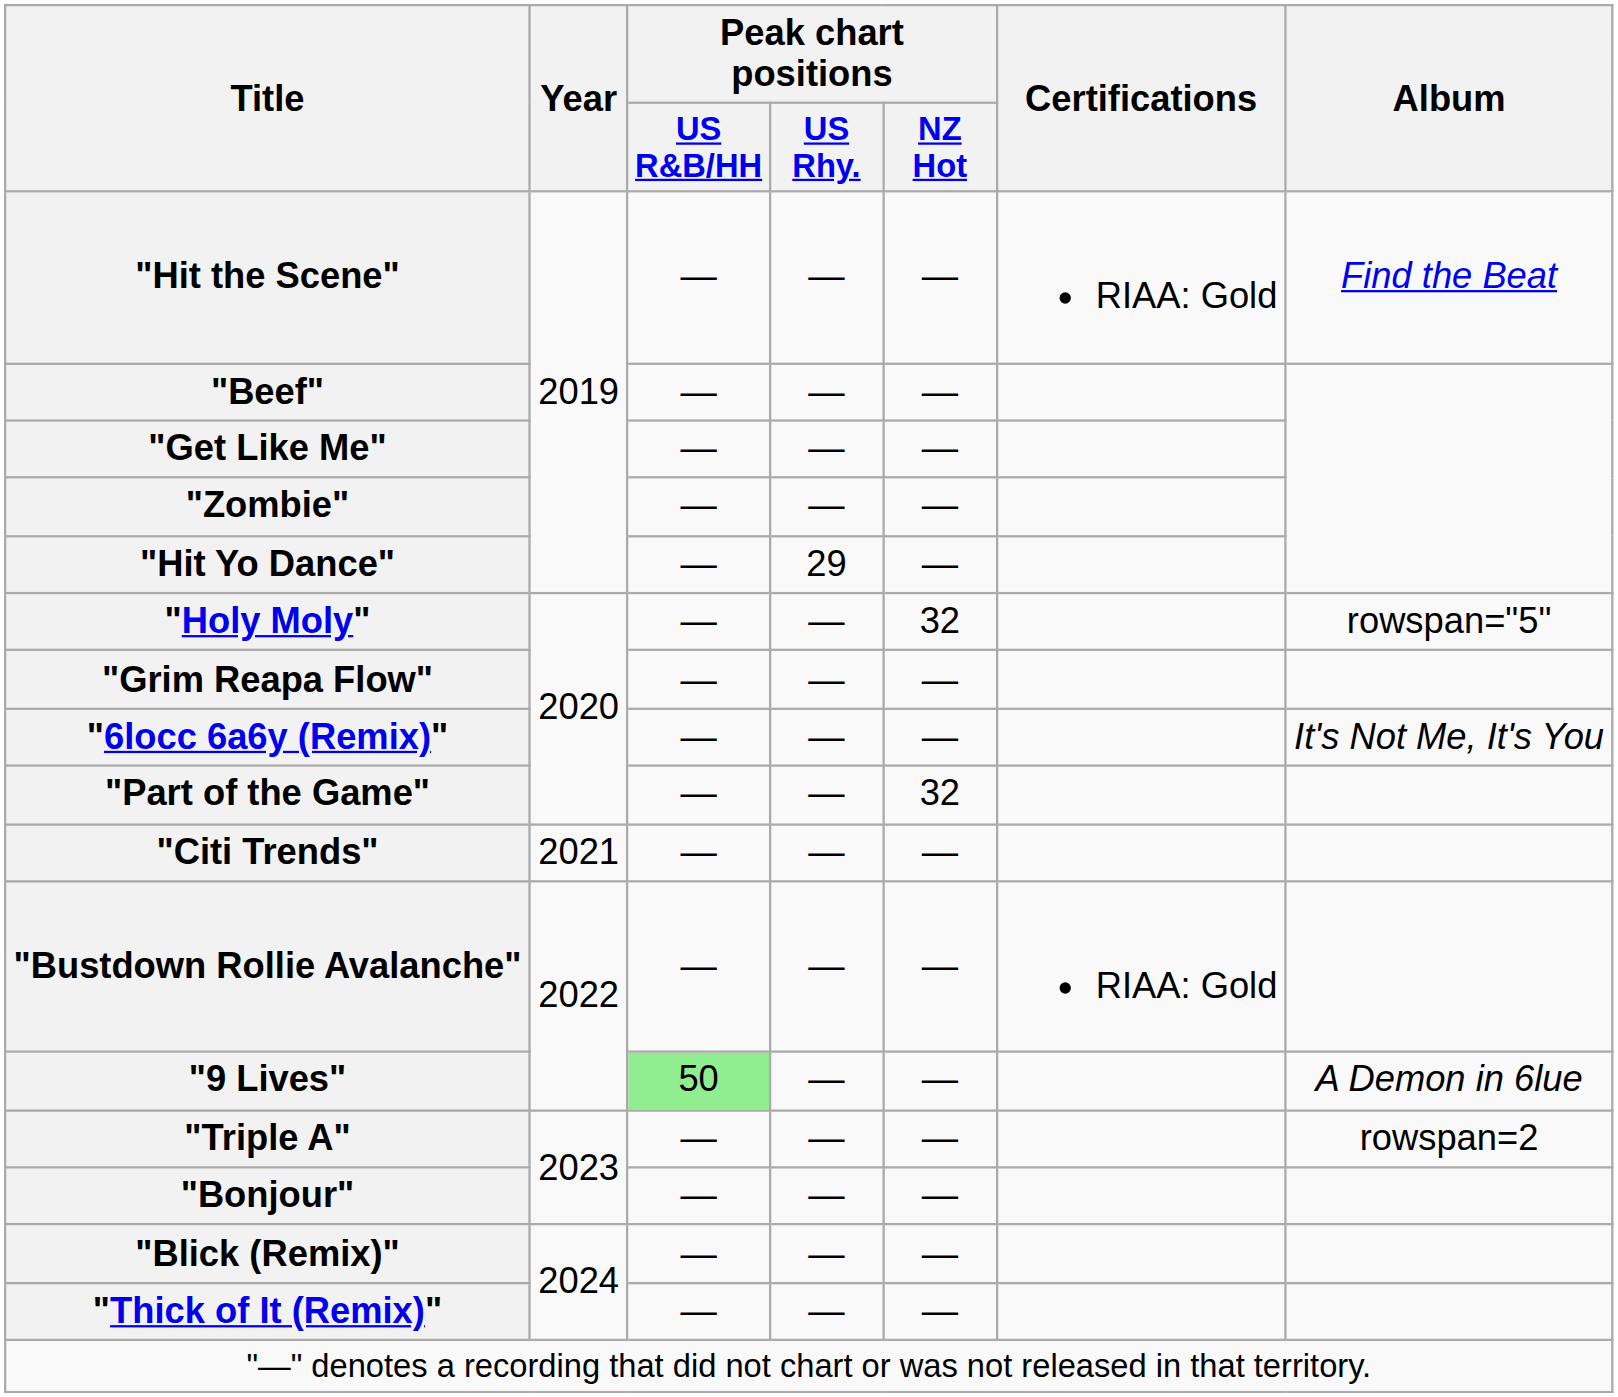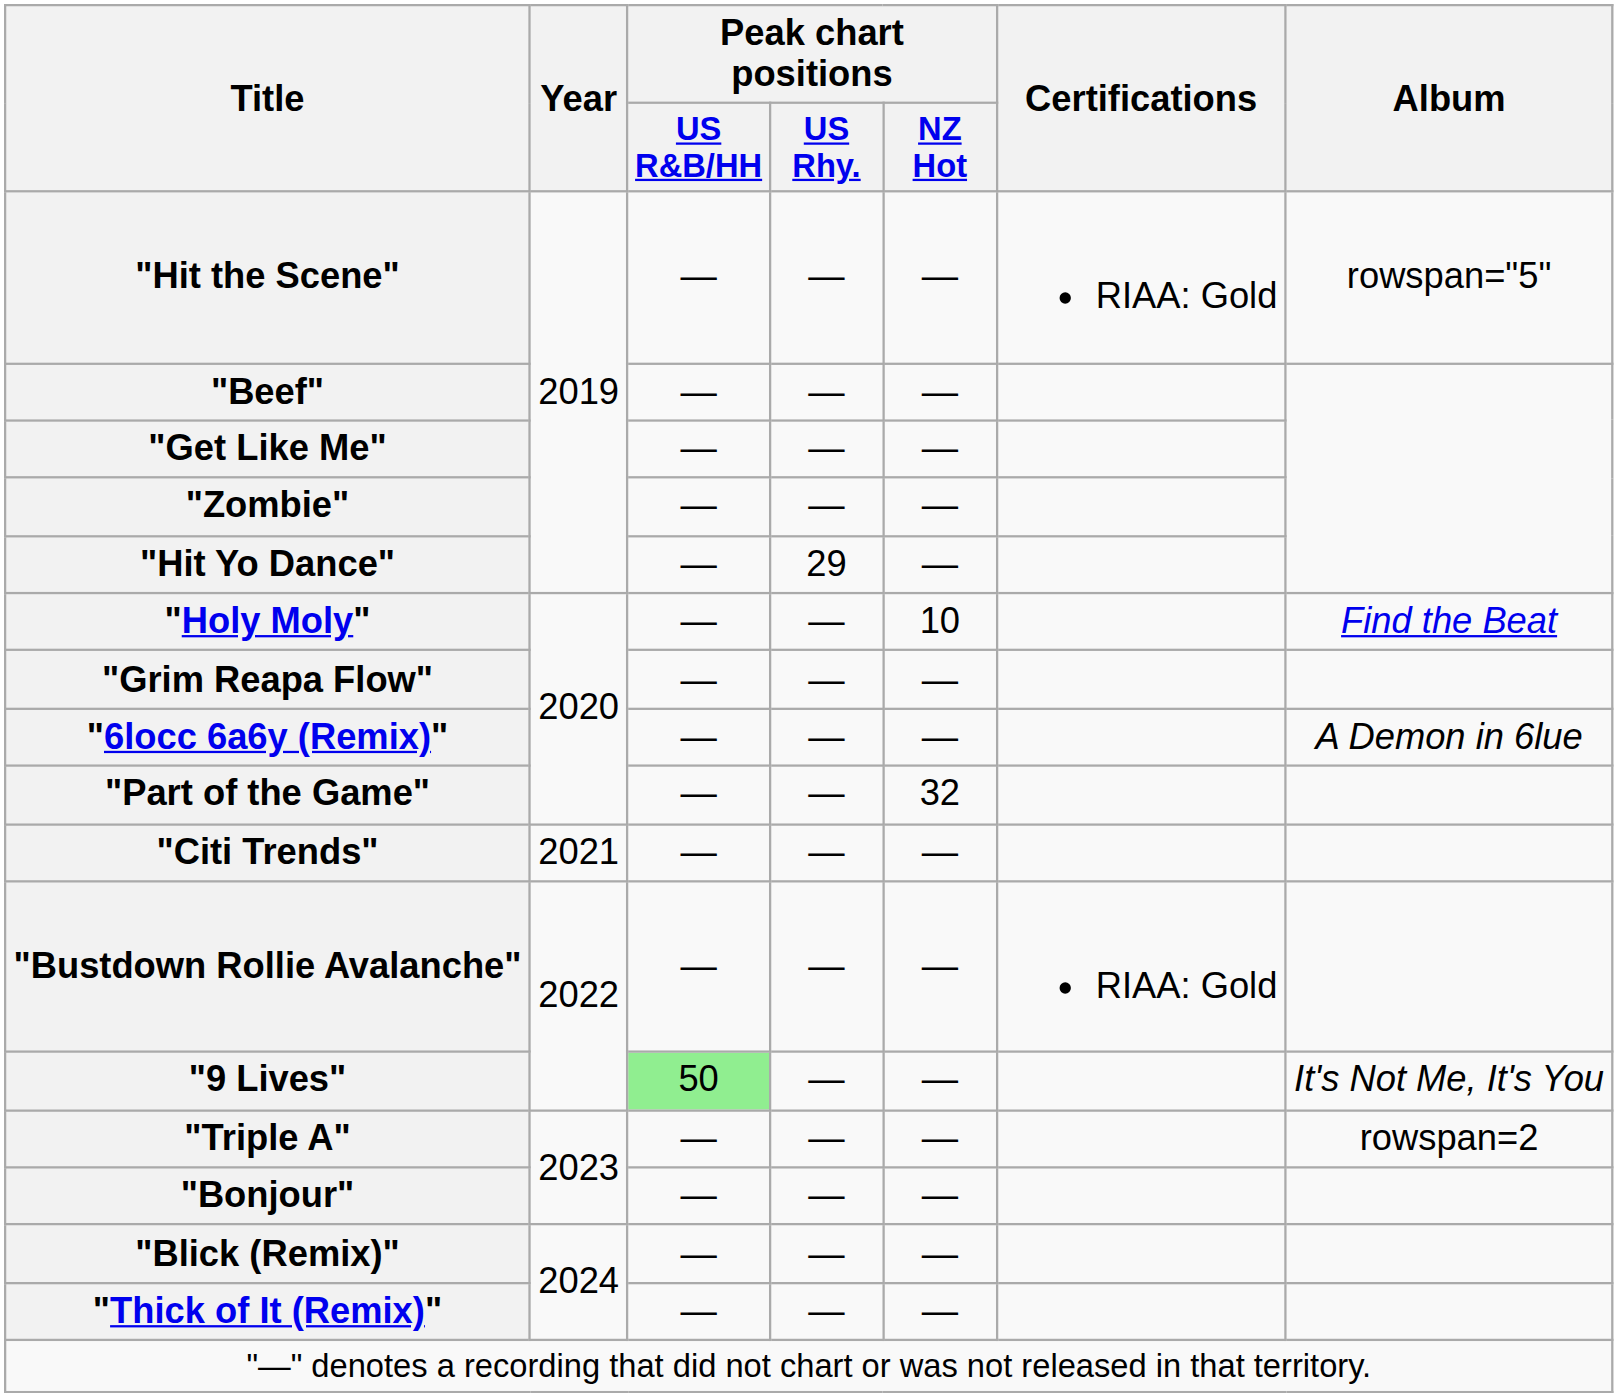 <table class="wikitable plainrowheaders" style="text-align:center">
 <tr>
 <th rowspan="2">Title</th>
 <th rowspan="2">Year</th>
 <th colspan="3">Peak chart positions</th>
 <th rowspan="2">Certifications</th>
 <th rowspan="2">Album</th>
 </tr>
 <tr>
 <th scope="col" style="width:3em;font-size:90%;"><a href='#'>US<br>R&B/HH</a><br></th>
 <th scope="col" style="width:3em;font-size:90%;"><a href='#'>US<br>Rhy.</a><br></th>
 <th scope="col" style="width:3em;font-size:90%;"><a href='#'>NZ<br>Hot</a><br></th>
 </tr>
 <tr>
 <th scope="row">"Hit the Scene"<br></th>
 <td rowspan="5">2019</td>
 <td>—</td>
 <td>—</td>
 <td>—</td>
 <td><br><ul><li>RIAA: Gold</li></ul></td>
-<td><em><a href='#'>Find the Beat</a></em></td>
+<td>rowspan="5" </td>
 </tr>
 <tr>
 <th scope="row">"Beef"<br></th>
 <td>—</td>
 <td>—</td>
 <td>—</td>
 <td></td>
 </tr>
 <tr>
 <th scope="row">"Get Like Me"<br></th>
 <td>—</td>
 <td>—</td>
 <td>—</td>
 <td></td>
 </tr>
 <tr>
 <th scope="row">"Zombie"<br></th>
 <td>—</td>
 <td>—</td>
 <td>—</td>
 <td></td>
 </tr>
 <tr>
 <th scope="row">"Hit Yo Dance"<br></th>
 <td>—</td>
 <td>29</td>
 <td>—</td>
 <td></td>
 </tr>
 <tr>
 <th scope="row">"<a href='#'>Holy Moly</a>"<br></th>
 <td rowspan="4">2020</td>
 <td>—</td>
 <td>—</td>
-<td>32</td>
+<td>10</td>
 <td></td>
-<td>rowspan="5" </td>
+<td><em><a href='#'>Find the Beat</a></em></td>
 </tr>
 <tr>
 <th scope="row">"Grim Reapa Flow"<br></th>
 <td>—</td>
 <td>—</td>
 <td>—</td>
 <td></td>
 <td></td>
 </tr>
 <tr>
 <th scope="row">"<a href='#'>6locc 6a6y (Remix)</a>"<br></th>
 <td>—</td>
 <td>—</td>
 <td>—</td>
 <td></td>
-<td><em>It's Not Me, It's You</em></td>
+<td><em>A Demon in 6lue</em></td>
 </tr>
 <tr>
 <th scope="row">"Part of the Game"<br></th>
 <td>—</td>
 <td>—</td>
 <td>32</td>
 <td></td>
 <td></td>
 </tr>
 <tr>
 <th scope="row">"Citi Trends"<br></th>
 <td>2021</td>
 <td>—</td>
 <td>—</td>
 <td>—</td>
 <td></td>
 <td></td>
 </tr>
 <tr>
 <th scope="row">"Bustdown Rollie Avalanche"<br></th>
 <td rowspan="2">2022</td>
 <td>—</td>
 <td>—</td>
 <td>—</td>
 <td><br><ul><li>RIAA: Gold</li></ul></td>
 <td></td>
 </tr>
 <tr>
 <th scope="row">"9 Lives"<br></th>
 <td style="background: lightgreen;">50</td>
 <td>—</td>
 <td>—</td>
 <td></td>
-<td><em>A Demon in 6lue</em></td>
+<td><em>It's Not Me, It's You</em></td>
 </tr>
 <tr>
 <th scope="row">"Triple A"<br></th>
 <td rowspan="2">2023</td>
 <td>—</td>
 <td>—</td>
 <td>—</td>
 <td></td>
 <td>rowspan=2 </td>
 </tr>
 <tr>
 <th scope="row">"Bonjour"<br></th>
 <td>—</td>
 <td>—</td>
 <td>—</td>
 <td></td>
 </tr>
 <tr>
 <th scope="row">"Blick (Remix)"<br></th>
 <td rowspan="2">2024</td>
 <td>—</td>
 <td>—</td>
 <td>—</td>
 <td></td>
 <td></td>
 </tr>
 <tr>
 <th scope="row">"<a href='#'>Thick of It (Remix)</a>"<br></th>
 <td>—</td>
 <td>—</td>
 <td>—</td>
 <td></td>
 <td></td>
 </tr>
 <tr>
 <td colspan="7" style="font-size:90%">"—" denotes a recording that did not chart or was not released in that territory.</td>
 </tr>
 </table>
